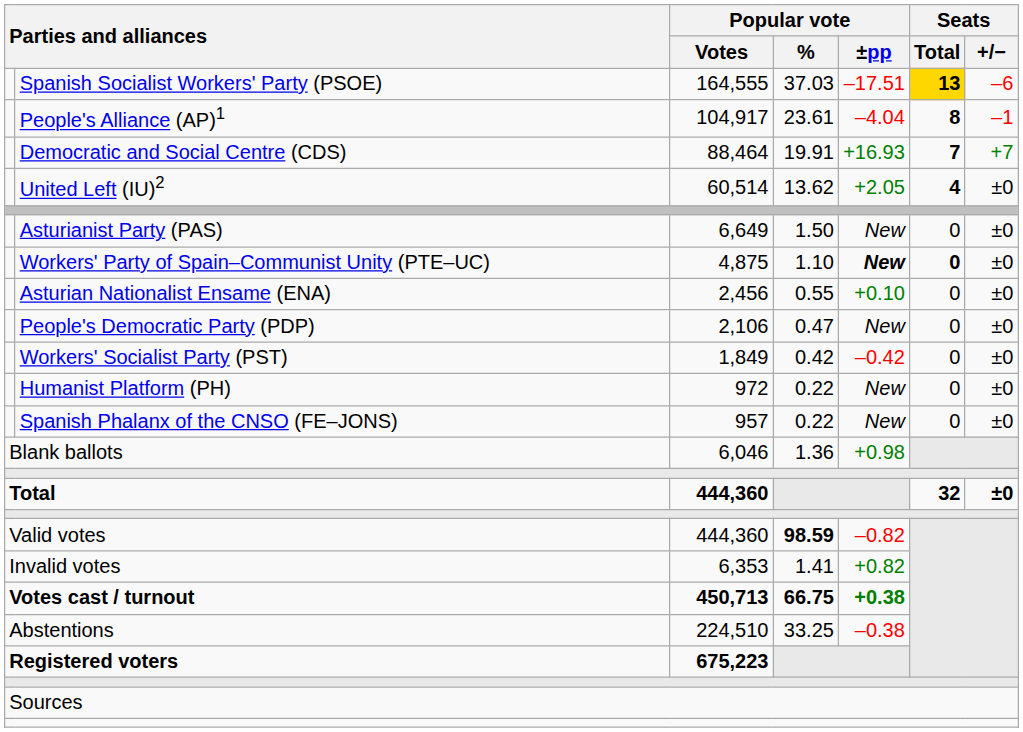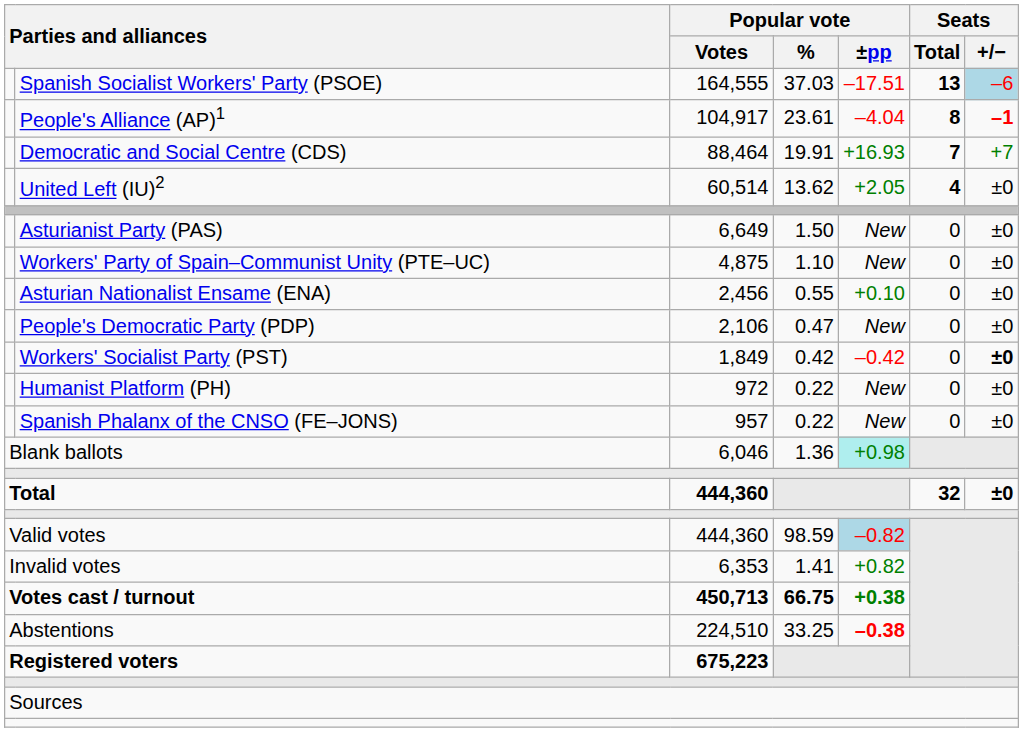 <table class="wikitable" style="text-align:right;">
 <tr>
 <th style="text-align:left;" rowspan="2" colspan="2" width="525">Parties and alliances</th>
 <th colspan="3">Popular vote</th>
 <th colspan="2">Seats</th>
 </tr>
 <tr>
 <th width="75">Votes</th>
 <th width="45">%</th>
 <th width="45">±<a href='#'>pp</a></th>
 <th width="35">Total</th>
 <th width="35">+/−</th>
 </tr>
 <tr>
 <td width="1" style="color:inherit;background:"></td>
 <td align="left"><a href='#'>Spanish Socialist Workers' Party</a> (PSOE)</td>
 <td>164,555</td>
 <td>37.03</td>
 <td style="color:red;">–17.51</td>
-<td style="background: gold;"><strong>13</strong></td>
-<td style="color:red;">–6</td>
+<td><strong>13</strong></td>
+<td style="background: lightblue; color:red;">–6</td>
 </tr>
 <tr>
 <td style="color:inherit;background:"></td>
 <td align="left"><a href='#'>People's Alliance</a> (AP)<sup>1</sup></td>
 <td>104,917</td>
 <td>23.61</td>
 <td style="color:red;">–4.04</td>
 <td><strong>8</strong></td>
-<td style="color:red;">–1</td>
+<td style="color:red;"><strong>–1</strong></td>
 </tr>
 <tr>
 <td style="color:inherit;background:"></td>
 <td align="left"><a href='#'>Democratic and Social Centre</a> (CDS)</td>
 <td>88,464</td>
 <td>19.91</td>
 <td style="color:green;">+16.93</td>
 <td><strong>7</strong></td>
 <td style="color:green;">+7</td>
 </tr>
 <tr>
 <td style="color:inherit;background:"></td>
 <td align="left"><a href='#'>United Left</a> (IU)<sup>2</sup></td>
 <td>60,514</td>
 <td>13.62</td>
 <td style="color:green;">+2.05</td>
 <td><strong>4</strong></td>
 <td>±0</td>
 </tr>
 <tr>
 <td colspan="7" bgcolor="#C0C0C0"></td>
 </tr>
 <tr>
 <td style="color:inherit;background:"></td>
 <td align="left"><a href='#'>Asturianist Party</a> (PAS)</td>
 <td>6,649</td>
 <td>1.50</td>
 <td><em>New</em></td>
 <td>0</td>
 <td>±0</td>
 </tr>
 <tr>
 <td style="color:inherit;background:"></td>
 <td align="left"><a href='#'>Workers' Party of Spain–Communist Unity</a> (PTE–UC)</td>
 <td>4,875</td>
 <td>1.10</td>
-<td><strong><em>New</em></strong></td>
-<td><strong>0</strong></td>
+<td><em>New</em></td>
+<td>0</td>
 <td>±0</td>
 </tr>
 <tr>
 <td style="color:inherit;background:"></td>
 <td align="left"><a href='#'>Asturian Nationalist Ensame</a> (ENA)</td>
 <td>2,456</td>
 <td>0.55</td>
 <td style="color:green;">+0.10</td>
 <td>0</td>
 <td>±0</td>
 </tr>
 <tr>
 <td style="color:inherit;background:"></td>
 <td align="left"><a href='#'>People's Democratic Party</a> (PDP)</td>
 <td>2,106</td>
 <td>0.47</td>
 <td><em>New</em></td>
 <td>0</td>
 <td>±0</td>
 </tr>
 <tr>
 <td style="color:inherit;background:"></td>
 <td align="left"><a href='#'>Workers' Socialist Party</a> (PST)</td>
 <td>1,849</td>
 <td>0.42</td>
 <td style="color:red;">–0.42</td>
 <td>0</td>
-<td>±0</td>
+<td><strong>±0</strong></td>
 </tr>
 <tr>
 <td style="color:inherit;background:"></td>
 <td align="left"><a href='#'>Humanist Platform</a> (PH)</td>
 <td>972</td>
 <td>0.22</td>
 <td><em>New</em></td>
 <td>0</td>
 <td>±0</td>
 </tr>
 <tr>
 <td style="color:inherit;background:"></td>
 <td align="left"><a href='#'>Spanish Phalanx of the CNSO</a> (FE–JONS)</td>
 <td>957</td>
 <td>0.22</td>
 <td><em>New</em></td>
 <td>0</td>
 <td>±0</td>
 </tr>
 <tr>
 <td align="left" colspan="2">Blank ballots</td>
 <td>6,046</td>
 <td>1.36</td>
-<td style="color:green;">+0.98</td>
+<td style="background: paleturquoise; color:green;">+0.98</td>
 <td bgcolor="#E9E9E9" colspan="2"></td>
 </tr>
 <tr>
 <td colspan="7" bgcolor="#E9E9E9"></td>
 </tr>
 <tr style="font-weight:bold;">
 <td align="left" colspan="2">Total</td>
 <td>444,360</td>
 <td bgcolor="#E9E9E9" colspan="2"></td>
 <td>32</td>
 <td>±0</td>
 </tr>
 <tr>
 <td colspan="7" bgcolor="#E9E9E9"></td>
 </tr>
 <tr>
 <td align="left" colspan="2">Valid votes</td>
 <td>444,360</td>
-<td><strong>98.59</strong></td>
-<td style="color:red;">–0.82</td>
+<td>98.59</td>
+<td style="background: lightblue; color:red;">–0.82</td>
 <td bgcolor="#E9E9E9" colspan="2" rowspan="5"></td>
 </tr>
 <tr>
 <td align="left" colspan="2">Invalid votes</td>
 <td>6,353</td>
 <td>1.41</td>
 <td style="color:green;">+0.82</td>
 </tr>
 <tr style="font-weight:bold;">
 <td align="left" colspan="2">Votes cast / turnout</td>
 <td>450,713</td>
 <td>66.75</td>
 <td style="color:green;">+0.38</td>
 </tr>
 <tr>
 <td align="left" colspan="2">Abstentions</td>
 <td>224,510</td>
 <td>33.25</td>
-<td style="color:red;">–0.38</td>
+<td style="color:red;"><strong>–0.38</strong></td>
 </tr>
 <tr style="font-weight:bold;">
 <td align="left" colspan="2">Registered voters</td>
 <td>675,223</td>
 <td bgcolor="#E9E9E9" colspan="2"></td>
 </tr>
 <tr>
 <td colspan="7" bgcolor="#E9E9E9"></td>
 </tr>
 <tr>
 <td align="left" colspan="7">Sources</td>
 </tr>
 <tr>
 <td colspan="7" style="text-align:left; max-width:790px;"></td>
 </tr>
 </table>
